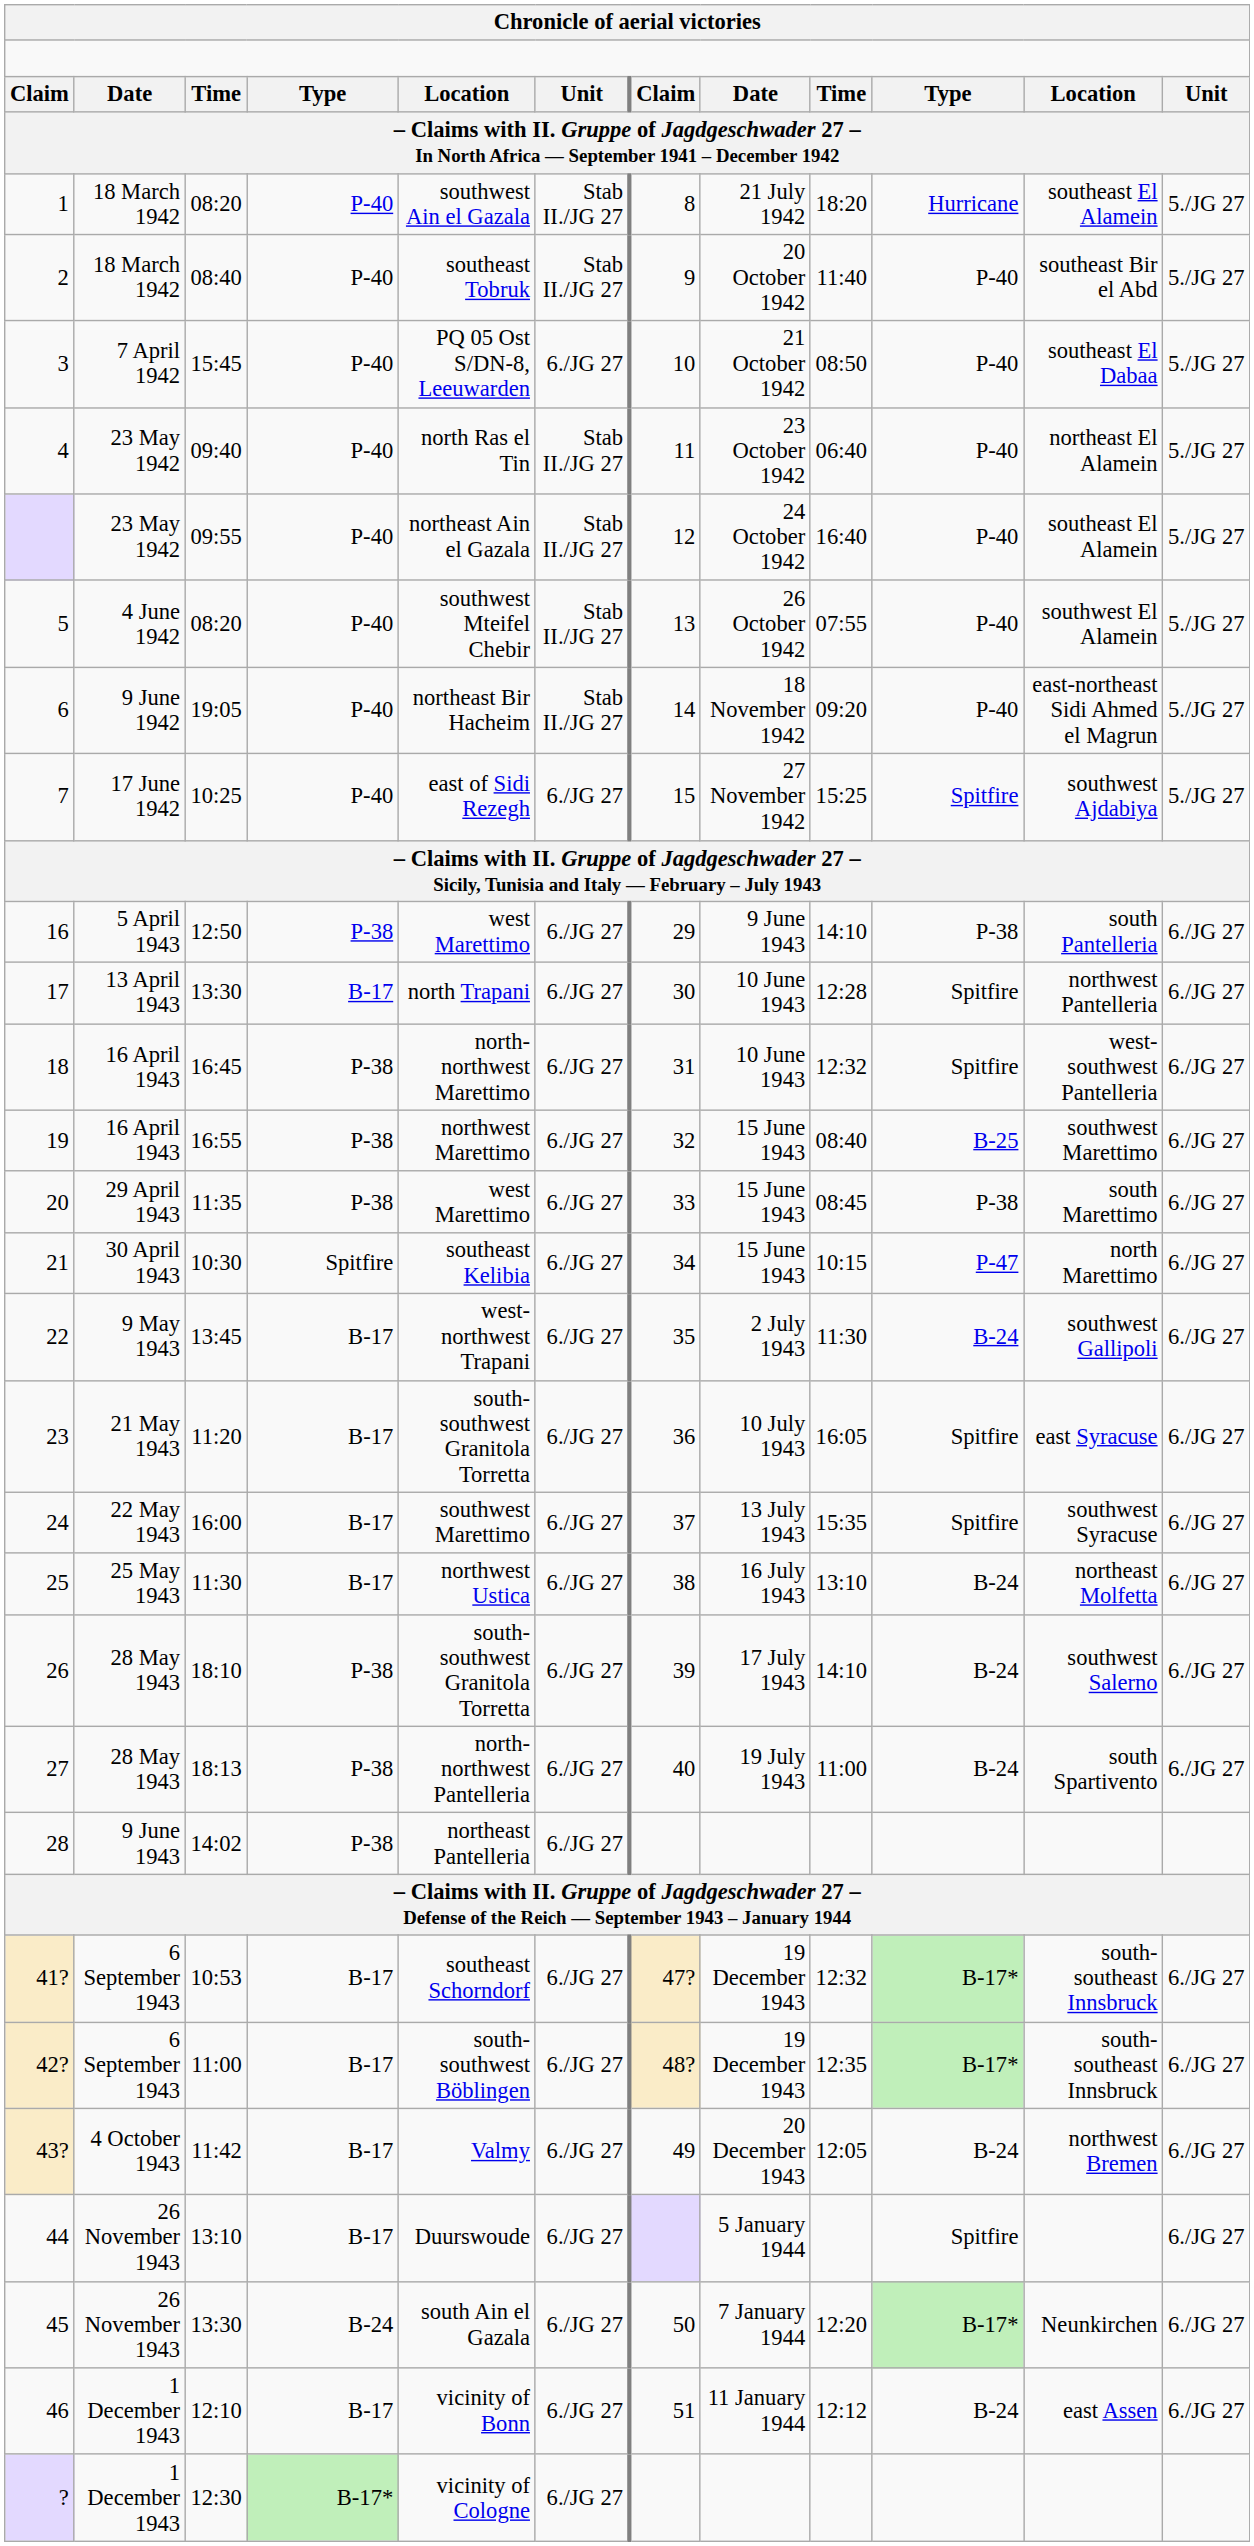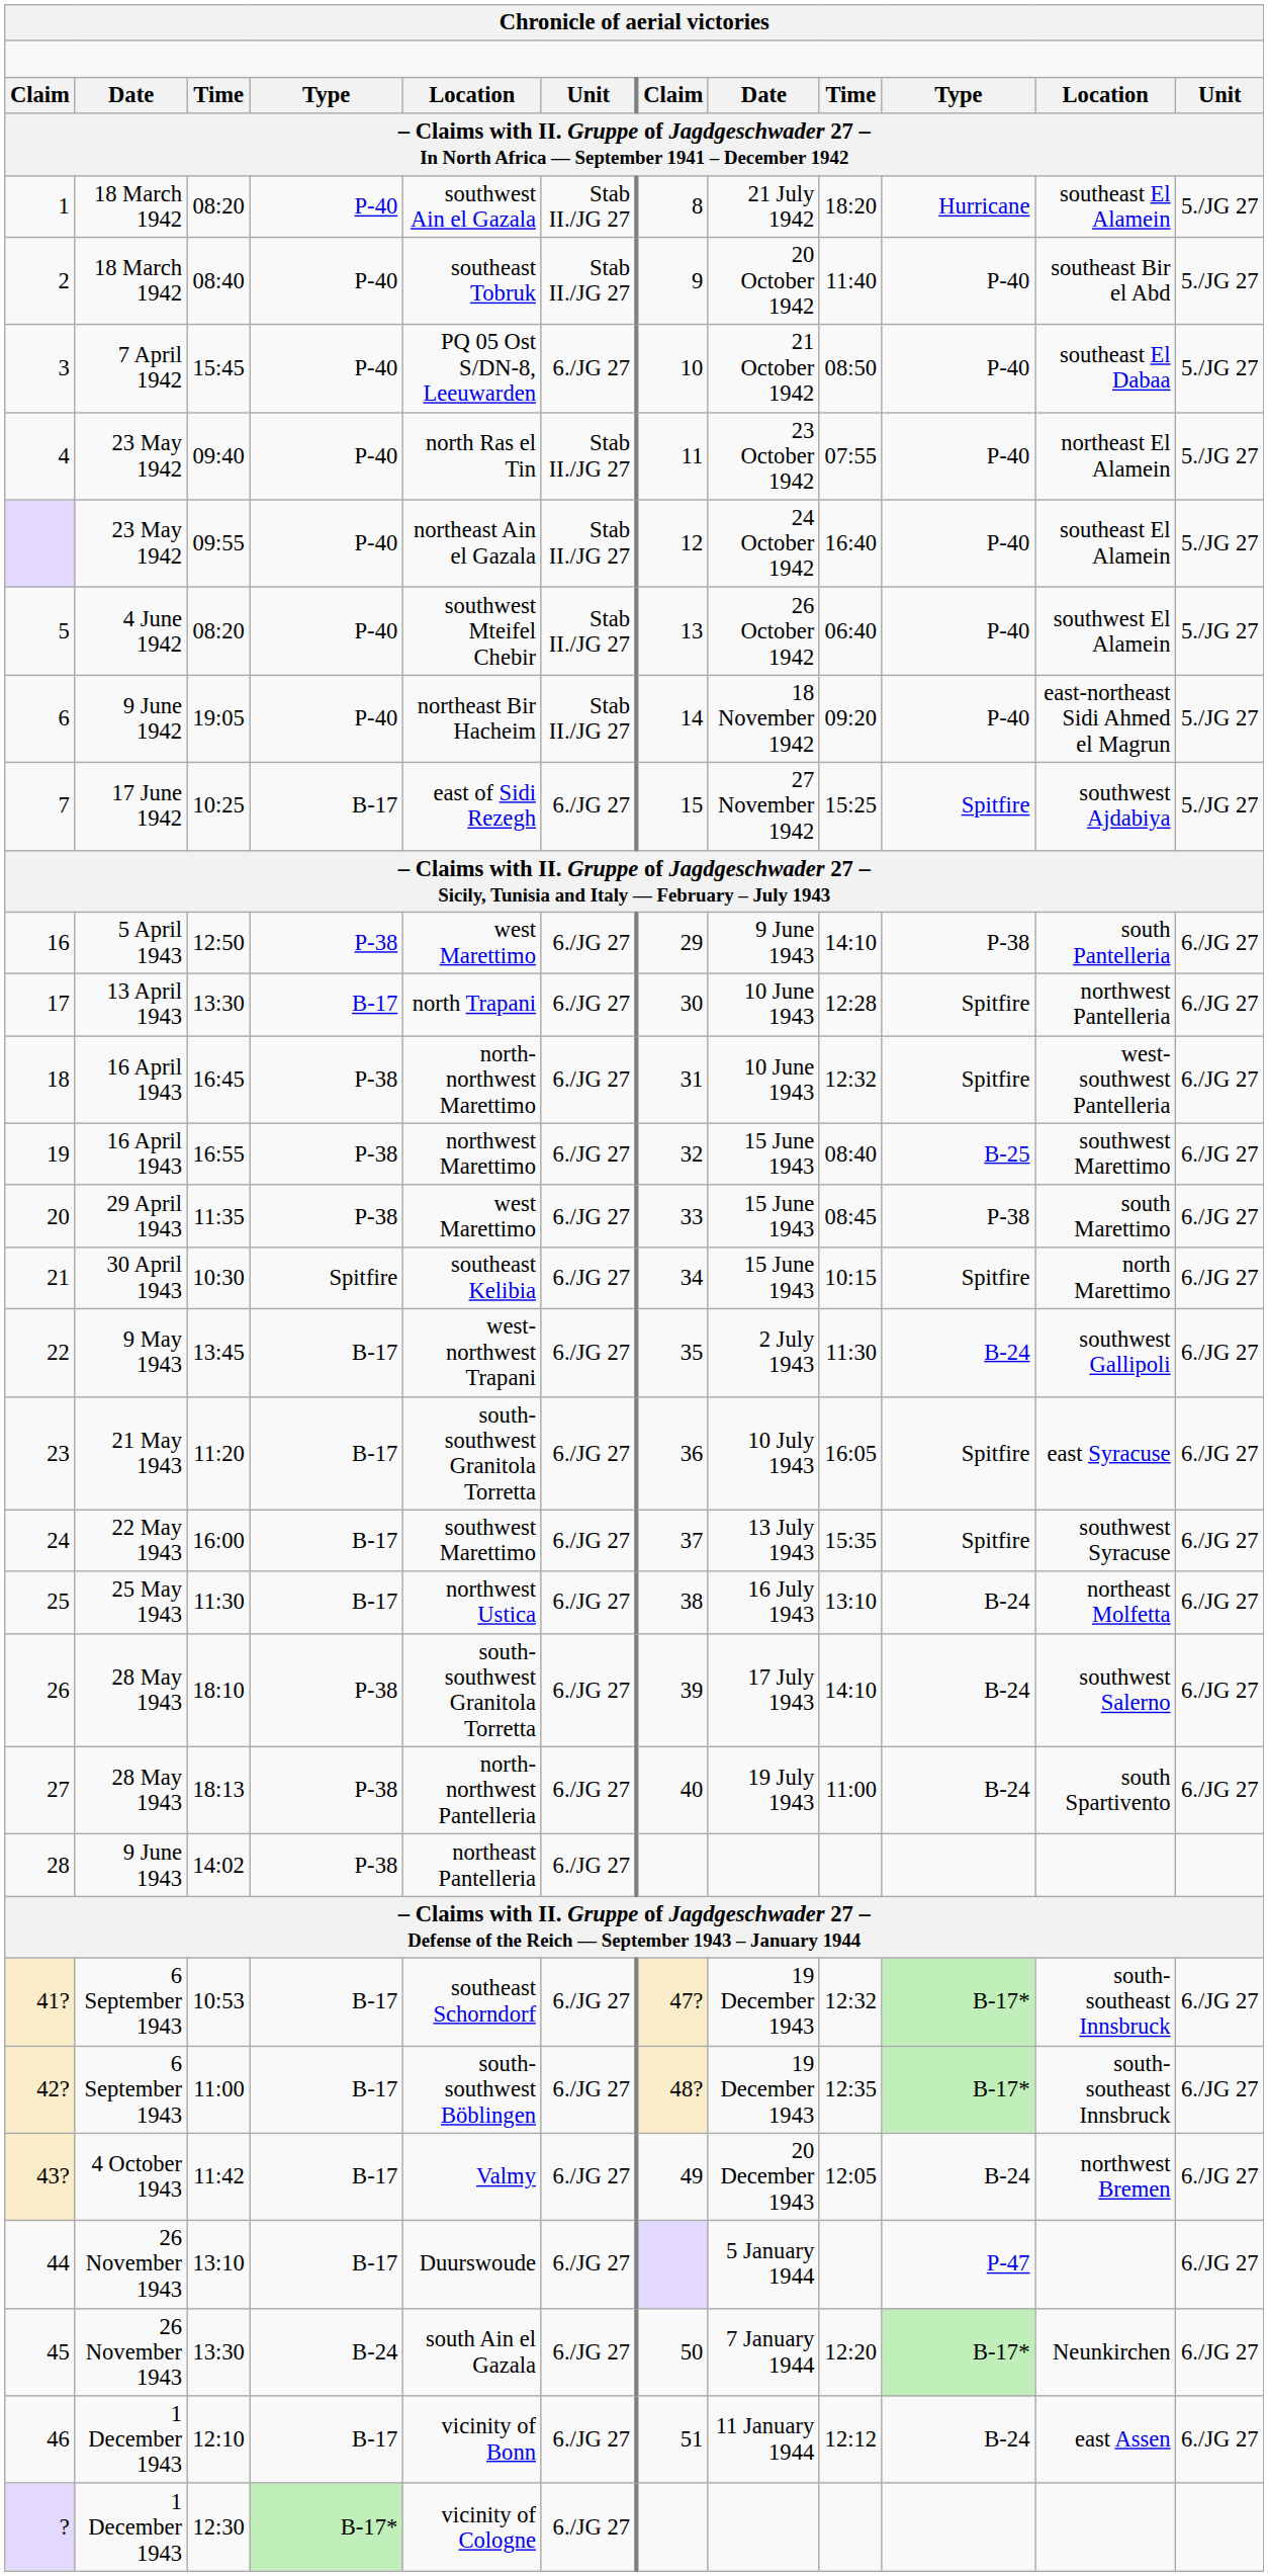 <table class="wikitable plainrowheaders collapsible" style="margin-left: auto; margin-right: auto; border: none; text-align:right; width: 100%;">
 <tr>
 <th colspan="12">Chronicle of aerial victories</th>
 </tr>
 <tr>
 <td colspan="12" style="text-align: left;"><br>  </td>
 </tr>
 <tr>
 <th scope="col">Claim</th>
 <th scope="col">Date</th>
 <th scope="col">Time</th>
 <th scope="col" width="100px">Type</th>
 <th scope="col">Location</th>
 <th scope="col">Unit</th>
 <th scope="col" style="border-left: 3px solid grey;">Claim</th>
 <th scope="col">Date</th>
 <th scope="col">Time</th>
 <th scope="col" width="100px">Type</th>
 <th scope="col">Location</th>
 <th scope="col">Unit</th>
 </tr>
 <tr>
 <th colspan="12">– Claims with II. <em>Gruppe</em> of <em>Jagdgeschwader</em> 27 –<br><small>In North Africa — September 1941 – December 1942</small></th>
 </tr>
 <tr>
 <td>1</td>
 <td>18 March 1942</td>
 <td>08:20</td>
 <td><a href='#'>P-40</a></td>
 <td> southwest <a href='#'>Ain el Gazala</a></td>
 <td>Stab II./JG 27</td>
 <td style="border-left: 3px solid grey;">8</td>
 <td>21 July 1942</td>
 <td>18:20</td>
 <td><a href='#'>Hurricane</a></td>
 <td>southeast <a href='#'>El Alamein</a></td>
 <td>5./JG 27</td>
 </tr>
 <tr>
 <td>2</td>
 <td>18 March 1942</td>
 <td>08:40</td>
 <td>P-40</td>
 <td> southeast <a href='#'>Tobruk</a></td>
 <td>Stab II./JG 27</td>
 <td style="border-left: 3px solid grey;">9</td>
 <td>20 October 1942</td>
 <td>11:40</td>
 <td>P-40</td>
 <td>southeast Bir el Abd</td>
 <td>5./JG 27</td>
 </tr>
 <tr>
 <td>3</td>
 <td>7 April 1942</td>
 <td>15:45</td>
 <td>P-40</td>
 <td>PQ 05 Ost S/DN-8, <a href='#'>Leeuwarden</a></td>
 <td>6./JG 27</td>
 <td style="border-left: 3px solid grey;">10</td>
 <td>21 October 1942</td>
 <td>08:50</td>
 <td>P-40</td>
 <td>southeast <a href='#'>El Dabaa</a></td>
 <td>5./JG 27</td>
 </tr>
 <tr>
 <td>4</td>
 <td>23 May 1942</td>
 <td>09:40</td>
 <td>P-40</td>
 <td> north Ras el Tin</td>
 <td>Stab II./JG 27</td>
 <td style="border-left: 3px solid grey;">11</td>
 <td>23 October 1942</td>
-<td>06:40</td>
+<td>07:55</td>
 <td>P-40</td>
 <td>northeast El Alamein</td>
 <td>5./JG 27</td>
 </tr>
 <tr>
 <td style="background:#e3d9ff;"></td>
 <td>23 May 1942</td>
 <td>09:55</td>
 <td>P-40</td>
 <td> northeast Ain el Gazala</td>
 <td>Stab II./JG 27</td>
 <td style="border-left: 3px solid grey;">12</td>
 <td>24 October 1942</td>
 <td>16:40</td>
 <td>P-40</td>
 <td>southeast El Alamein</td>
 <td>5./JG 27</td>
 </tr>
 <tr>
 <td>5</td>
 <td>4 June 1942</td>
 <td>08:20</td>
 <td>P-40</td>
 <td> southwest Mteifel Chebir</td>
 <td>Stab II./JG 27</td>
 <td style="border-left: 3px solid grey;">13</td>
 <td>26 October 1942</td>
-<td>07:55</td>
+<td>06:40</td>
 <td>P-40</td>
 <td>southwest El Alamein</td>
 <td>5./JG 27</td>
 </tr>
 <tr>
 <td>6</td>
 <td>9 June 1942</td>
 <td>19:05</td>
 <td>P-40</td>
 <td>northeast Bir Hacheim</td>
 <td>Stab II./JG 27</td>
 <td style="border-left: 3px solid grey;">14</td>
 <td>18 November 1942</td>
 <td>09:20</td>
 <td>P-40</td>
 <td>east-northeast Sidi Ahmed el Magrun</td>
 <td>5./JG 27</td>
 </tr>
 <tr>
 <td>7</td>
 <td>17 June 1942</td>
 <td>10:25</td>
-<td>P-40</td>
+<td>B-17</td>
 <td>east of <a href='#'>Sidi Rezegh</a></td>
 <td>6./JG 27</td>
 <td style="border-left: 3px solid grey;">15</td>
 <td>27 November 1942</td>
 <td>15:25</td>
 <td><a href='#'>Spitfire</a></td>
 <td> southwest <a href='#'>Ajdabiya</a></td>
 <td>5./JG 27</td>
 </tr>
 <tr>
 <th colspan="12">– Claims with II. <em>Gruppe</em> of <em>Jagdgeschwader</em> 27 –<br><small>Sicily, Tunisia and Italy — February – July 1943</small></th>
 </tr>
 <tr>
 <td>16</td>
 <td>5 April 1943</td>
 <td>12:50</td>
 <td><a href='#'>P-38</a></td>
 <td> west <a href='#'>Marettimo</a></td>
 <td>6./JG 27</td>
 <td style="border-left: 3px solid grey;">29</td>
 <td>9 June 1943</td>
 <td>14:10</td>
 <td>P-38</td>
 <td> south <a href='#'>Pantelleria</a></td>
 <td>6./JG 27</td>
 </tr>
 <tr>
 <td>17</td>
 <td>13 April 1943</td>
 <td>13:30</td>
 <td><a href='#'>B-17</a></td>
 <td> north <a href='#'>Trapani</a></td>
 <td>6./JG 27</td>
 <td style="border-left: 3px solid grey;">30</td>
 <td>10 June 1943</td>
 <td>12:28</td>
 <td>Spitfire</td>
 <td> northwest Pantelleria</td>
 <td>6./JG 27</td>
 </tr>
 <tr>
 <td>18</td>
 <td>16 April 1943</td>
 <td>16:45</td>
 <td>P-38</td>
 <td> north-northwest Marettimo</td>
 <td>6./JG 27</td>
 <td style="border-left: 3px solid grey;">31</td>
 <td>10 June 1943</td>
 <td>12:32</td>
 <td>Spitfire</td>
 <td> west-southwest Pantelleria</td>
 <td>6./JG 27</td>
 </tr>
 <tr>
 <td>19</td>
 <td>16 April 1943</td>
 <td>16:55</td>
 <td>P-38</td>
 <td> northwest Marettimo</td>
 <td>6./JG 27</td>
 <td style="border-left: 3px solid grey;">32</td>
 <td>15 June 1943</td>
 <td>08:40</td>
 <td><a href='#'>B-25</a></td>
 <td> southwest Marettimo</td>
 <td>6./JG 27</td>
 </tr>
 <tr>
 <td>20</td>
 <td>29 April 1943</td>
 <td>11:35</td>
 <td>P-38</td>
 <td> west Marettimo</td>
 <td>6./JG 27</td>
 <td style="border-left: 3px solid grey;">33</td>
 <td>15 June 1943</td>
 <td>08:45</td>
 <td>P-38</td>
 <td> south Marettimo</td>
 <td>6./JG 27</td>
 </tr>
 <tr>
 <td>21</td>
 <td>30 April 1943</td>
 <td>10:30</td>
 <td>Spitfire</td>
 <td> southeast <a href='#'>Kelibia</a></td>
 <td>6./JG 27</td>
 <td style="border-left: 3px solid grey;">34</td>
 <td>15 June 1943</td>
 <td>10:15</td>
-<td><a href='#'>P-47</a></td>
+<td>Spitfire</td>
 <td> north Marettimo</td>
 <td>6./JG 27</td>
 </tr>
 <tr>
 <td>22</td>
 <td>9 May 1943</td>
 <td>13:45</td>
 <td>B-17</td>
 <td> west-northwest Trapani</td>
 <td>6./JG 27</td>
 <td style="border-left: 3px solid grey;">35</td>
 <td>2 July 1943</td>
 <td>11:30</td>
 <td><a href='#'>B-24</a></td>
 <td> southwest <a href='#'>Gallipoli</a></td>
 <td>6./JG 27</td>
 </tr>
 <tr>
 <td>23</td>
 <td>21 May 1943</td>
 <td>11:20</td>
 <td>B-17</td>
 <td>south-southwest Granitola Torretta</td>
 <td>6./JG 27</td>
 <td style="border-left: 3px solid grey;">36</td>
 <td>10 July 1943</td>
 <td>16:05</td>
 <td>Spitfire</td>
 <td> east <a href='#'>Syracuse</a></td>
 <td>6./JG 27</td>
 </tr>
 <tr>
 <td>24</td>
 <td>22 May 1943</td>
 <td>16:00</td>
 <td>B-17</td>
 <td> southwest Marettimo</td>
 <td>6./JG 27</td>
 <td style="border-left: 3px solid grey;">37</td>
 <td>13 July 1943</td>
 <td>15:35</td>
 <td>Spitfire</td>
 <td> southwest Syracuse</td>
 <td>6./JG 27</td>
 </tr>
 <tr>
 <td>25</td>
 <td>25 May 1943</td>
 <td>11:30</td>
 <td>B-17</td>
 <td> northwest <a href='#'>Ustica</a></td>
 <td>6./JG 27</td>
 <td style="border-left: 3px solid grey;">38</td>
 <td>16 July 1943</td>
 <td>13:10</td>
 <td>B-24</td>
 <td> northeast <a href='#'>Molfetta</a></td>
 <td>6./JG 27</td>
 </tr>
 <tr>
 <td>26</td>
 <td>28 May 1943</td>
 <td>18:10</td>
 <td>P-38</td>
 <td>south-southwest Granitola Torretta</td>
 <td>6./JG 27</td>
 <td style="border-left: 3px solid grey;">39</td>
 <td>17 July 1943</td>
 <td>14:10</td>
 <td>B-24</td>
 <td> southwest <a href='#'>Salerno</a></td>
 <td>6./JG 27</td>
 </tr>
 <tr>
 <td>27</td>
 <td>28 May 1943</td>
 <td>18:13</td>
 <td>P-38</td>
 <td> north-northwest Pantelleria</td>
 <td>6./JG 27</td>
 <td style="border-left: 3px solid grey;">40</td>
 <td>19 July 1943</td>
 <td>11:00</td>
 <td>B-24</td>
 <td> south Spartivento</td>
 <td>6./JG 27</td>
 </tr>
 <tr>
 <td>28</td>
 <td>9 June 1943</td>
 <td>14:02</td>
 <td>P-38</td>
 <td>northeast Pantelleria</td>
 <td>6./JG 27</td>
 <td style="border-left: 3px solid grey;"></td>
 <td></td>
 <td></td>
 <td></td>
 <td></td>
 <td></td>
 </tr>
 <tr>
 <th colspan="12">– Claims with II. <em>Gruppe</em> of <em>Jagdgeschwader</em> 27 –<br><small>Defense of the Reich — September 1943 – January 1944</small></th>
 </tr>
 <tr>
 <td style="background:#faecc8">41?</td>
 <td>6 September 1943</td>
 <td>10:53</td>
 <td>B-17</td>
 <td>southeast <a href='#'>Schorndorf</a></td>
 <td>6./JG 27</td>
 <td style="border-left: 3px solid grey; background:#faecc8">47?</td>
 <td>19 December 1943</td>
 <td>12:32</td>
 <td style="background:#C0EFBA">B-17*</td>
 <td> south-southeast <a href='#'>Innsbruck</a></td>
 <td>6./JG 27</td>
 </tr>
 <tr>
 <td style="background:#faecc8">42?</td>
 <td>6 September 1943</td>
 <td>11:00</td>
 <td>B-17</td>
 <td>south-southwest <a href='#'>Böblingen</a></td>
 <td>6./JG 27</td>
 <td style="border-left: 3px solid grey; background:#faecc8">48?</td>
 <td>19 December 1943</td>
 <td>12:35</td>
 <td style="background:#C0EFBA">B-17*</td>
 <td> south-southeast Innsbruck</td>
 <td>6./JG 27</td>
 </tr>
 <tr>
 <td style="background:#faecc8">43?</td>
 <td>4 October 1943</td>
 <td>11:42</td>
 <td>B-17</td>
 <td><a href='#'>Valmy</a></td>
 <td>6./JG 27</td>
 <td style="border-left: 3px solid grey;">49</td>
 <td>20 December 1943</td>
 <td>12:05</td>
 <td>B-24</td>
 <td>northwest <a href='#'>Bremen</a></td>
 <td>6./JG 27</td>
 </tr>
 <tr>
 <td>44</td>
 <td>26 November 1943</td>
 <td>13:10</td>
 <td>B-17</td>
 <td>Duurswoude</td>
 <td>6./JG 27</td>
 <td style="border-left: 3px solid grey; background:#e3d9ff;"></td>
 <td>5 January 1944</td>
 <td></td>
-<td>Spitfire</td>
+<td><a href='#'>P-47</a></td>
 <td></td>
 <td>6./JG 27</td>
 </tr>
 <tr>
 <td>45</td>
 <td>26 November 1943</td>
 <td>13:30</td>
 <td>B-24</td>
 <td>south Ain el Gazala</td>
 <td>6./JG 27</td>
 <td style="border-left: 3px solid grey;">50</td>
 <td>7 January 1944</td>
 <td>12:20</td>
 <td style="background:#C0EFBA">B-17*</td>
 <td>Neunkirchen</td>
 <td>6./JG 27</td>
 </tr>
 <tr>
 <td>46</td>
 <td>1 December 1943</td>
 <td>12:10</td>
 <td>B-17</td>
 <td>vicinity of <a href='#'>Bonn</a></td>
 <td>6./JG 27</td>
 <td style="border-left: 3px solid grey;">51</td>
 <td>11 January 1944</td>
 <td>12:12</td>
 <td>B-24</td>
 <td>east <a href='#'>Assen</a></td>
 <td>6./JG 27</td>
 </tr>
 <tr>
 <td style="background:#e3d9ff;">?</td>
 <td>1 December 1943</td>
 <td>12:30</td>
 <td style="background:#C0EFBA">B-17*</td>
 <td>vicinity of <a href='#'>Cologne</a></td>
 <td>6./JG 27</td>
 <td style="border-left: 3px solid grey;"></td>
 <td></td>
 <td></td>
 <td></td>
 <td></td>
 <td></td>
 </tr>
 </table>
